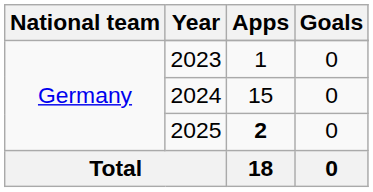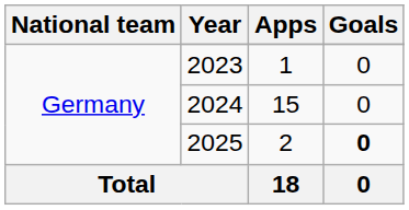 <table class="wikitable" style="text-align:center">
 <tr>
 <th>National team</th>
 <th>Year</th>
 <th>Apps</th>
 <th>Goals</th>
 </tr>
 <tr>
 <td rowspan="4"><a href='#'>Germany</a></td>
 </tr>
 <tr>
 <td>2023</td>
 <td>1</td>
 <td>0</td>
 </tr>
 <tr>
 <td>2024</td>
 <td>15</td>
 <td>0</td>
 </tr>
 <tr>
 <td>2025</td>
-<td><strong>2</strong></td>
-<td>0</td>
+<td>2</td>
+<td><strong>0</strong></td>
 </tr>
 <tr>
 <th colspan="2">Total</th>
 <th>18</th>
 <th>0</th>
 </tr>
 </table>
